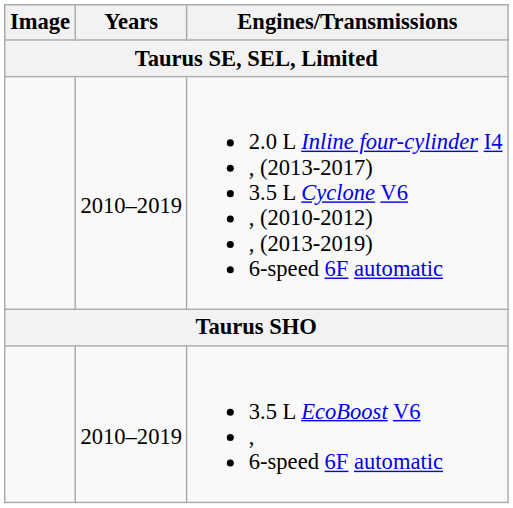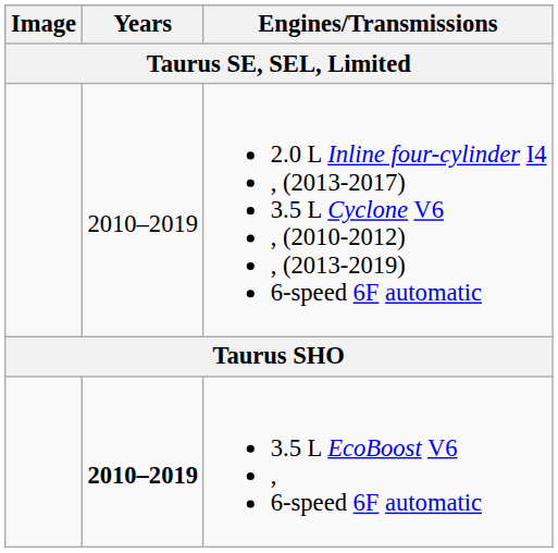 <table class="wikitable">
 <tr style="background:#CCCCCC;">
 <th>Image</th>
 <th>Years</th>
 <th>Engines/Transmissions</th>
 </tr>
 <tr>
 <th colspan=3 style= "textalign:center">Taurus SE, SEL, Limited</th>
 </tr>
 <tr>
 <td></td>
 <td><br>2010–2019</td>
 <td><br><ul><li>2.0 L <em><a href='#'>Inline four-cylinder</a></em> <a href='#'>I4</a></li><li>,  (2013-2017)</li><li>3.5 L <em><a href='#'>Cyclone</a></em> <a href='#'>V6</a></li><li>,  (2010-2012)</li><li>,  (2013-2019)</li><li>6-speed <a href='#'>6F</a> <a href='#'>automatic</a></li></ul></td>
 </tr>
 <tr>
 <th colspan=3 style= "textalign:center">Taurus SHO</th>
 </tr>
 <tr>
 <td></td>
-<td><br>2010–2019</td>
+<td><strong><br>2010–2019</strong></td>
 <td><br><ul><li>3.5 L <em><a href='#'>EcoBoost</a></em> <a href='#'>V6</a></li><li>, </li><li>6-speed <a href='#'>6F</a> <a href='#'>automatic</a></li></ul></td>
 </tr>
 </table>
